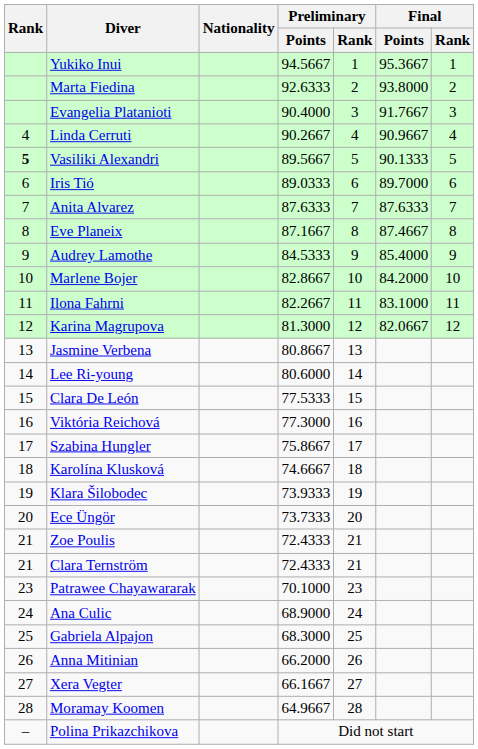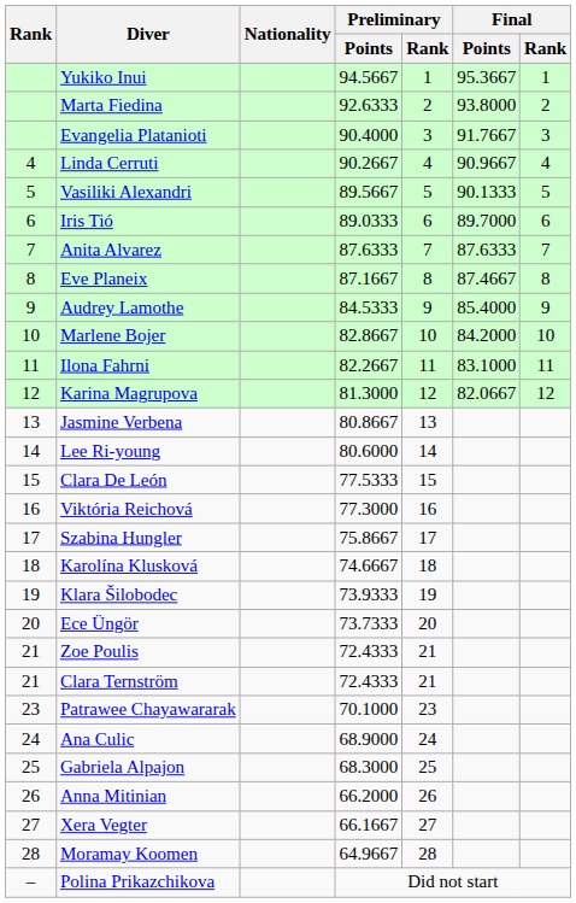 <table class="wikitable sortable" style="text-align:center">
 <tr>
 <th rowspan=2>Rank</th>
 <th rowspan=2>Diver</th>
 <th rowspan=2>Nationality</th>
 <th colspan=2>Preliminary</th>
 <th colspan=2>Final</th>
 </tr>
 <tr>
 <th>Points</th>
 <th>Rank</th>
 <th>Points</th>
 <th>Rank</th>
 </tr>
 <tr bgcolor=ccffcc>
 <td></td>
 <td align=left><a href='#'>Yukiko Inui</a></td>
 <td align=left></td>
 <td>94.5667</td>
 <td>1</td>
 <td>95.3667</td>
 <td>1</td>
 </tr>
 <tr bgcolor=ccffcc>
 <td></td>
 <td align=left><a href='#'>Marta Fiedina</a></td>
 <td align=left></td>
 <td>92.6333</td>
 <td>2</td>
 <td>93.8000</td>
 <td>2</td>
 </tr>
 <tr bgcolor=ccffcc>
 <td></td>
 <td align=left><a href='#'>Evangelia Platanioti</a></td>
 <td align=left></td>
 <td>90.4000</td>
 <td>3</td>
 <td>91.7667</td>
 <td>3</td>
 </tr>
 <tr bgcolor=ccffcc>
 <td>4</td>
 <td align=left><a href='#'>Linda Cerruti</a></td>
 <td align=left></td>
 <td>90.2667</td>
 <td>4</td>
 <td>90.9667</td>
 <td>4</td>
 </tr>
 <tr bgcolor=ccffcc>
-<td><strong>5</strong></td>
+<td>5</td>
 <td align=left><a href='#'>Vasiliki Alexandri</a></td>
 <td align=left></td>
 <td>89.5667</td>
 <td>5</td>
 <td>90.1333</td>
 <td>5</td>
 </tr>
 <tr bgcolor=ccffcc>
 <td>6</td>
 <td align=left><a href='#'>Iris Tió</a></td>
 <td align=left></td>
 <td>89.0333</td>
 <td>6</td>
 <td>89.7000</td>
 <td>6</td>
 </tr>
 <tr bgcolor=ccffcc>
 <td>7</td>
 <td align=left><a href='#'>Anita Alvarez</a></td>
 <td align=left></td>
 <td>87.6333</td>
 <td>7</td>
 <td>87.6333</td>
 <td>7</td>
 </tr>
 <tr bgcolor=ccffcc>
 <td>8</td>
 <td align=left><a href='#'>Eve Planeix</a></td>
 <td align=left></td>
 <td>87.1667</td>
 <td>8</td>
 <td>87.4667</td>
 <td>8</td>
 </tr>
 <tr bgcolor=ccffcc>
 <td>9</td>
 <td align=left><a href='#'>Audrey Lamothe</a></td>
 <td align=left></td>
 <td>84.5333</td>
 <td>9</td>
 <td>85.4000</td>
 <td>9</td>
 </tr>
 <tr bgcolor=ccffcc>
 <td>10</td>
 <td align=left><a href='#'>Marlene Bojer</a></td>
 <td align=left></td>
 <td>82.8667</td>
 <td>10</td>
 <td>84.2000</td>
 <td>10</td>
 </tr>
 <tr bgcolor=ccffcc>
 <td>11</td>
 <td align=left><a href='#'>Ilona Fahrni</a></td>
 <td align=left></td>
 <td>82.2667</td>
 <td>11</td>
 <td>83.1000</td>
 <td>11</td>
 </tr>
 <tr bgcolor=ccffcc>
 <td>12</td>
 <td align=left><a href='#'>Karina Magrupova</a></td>
 <td align=left></td>
 <td>81.3000</td>
 <td>12</td>
 <td>82.0667</td>
 <td>12</td>
 </tr>
 <tr>
 <td>13</td>
 <td align=left><a href='#'>Jasmine Verbena</a></td>
 <td align=left></td>
 <td>80.8667</td>
 <td>13</td>
 <td></td>
 <td></td>
 </tr>
 <tr>
 <td>14</td>
 <td align=left><a href='#'>Lee Ri-young</a></td>
 <td align=left></td>
 <td>80.6000</td>
 <td>14</td>
 <td></td>
 <td></td>
 </tr>
 <tr>
 <td>15</td>
 <td align=left><a href='#'>Clara De León</a></td>
 <td align=left></td>
 <td>77.5333</td>
 <td>15</td>
 <td></td>
 <td></td>
 </tr>
 <tr>
 <td>16</td>
 <td align=left><a href='#'>Viktória Reichová</a></td>
 <td align=left></td>
 <td>77.3000</td>
 <td>16</td>
 <td></td>
 <td></td>
 </tr>
 <tr>
 <td>17</td>
 <td align=left><a href='#'>Szabina Hungler</a></td>
 <td align=left></td>
 <td>75.8667</td>
 <td>17</td>
 <td></td>
 <td></td>
 </tr>
 <tr>
 <td>18</td>
 <td align=left><a href='#'>Karolína Klusková</a></td>
 <td align=left></td>
 <td>74.6667</td>
 <td>18</td>
 <td></td>
 <td></td>
 </tr>
 <tr>
 <td>19</td>
 <td align=left><a href='#'>Klara Šilobodec</a></td>
 <td align=left></td>
 <td>73.9333</td>
 <td>19</td>
 <td></td>
 <td></td>
 </tr>
 <tr>
 <td>20</td>
 <td align=left><a href='#'>Ece Üngör</a></td>
 <td align=left></td>
 <td>73.7333</td>
 <td>20</td>
 <td></td>
 <td></td>
 </tr>
 <tr>
 <td>21</td>
 <td align=left><a href='#'>Zoe Poulis</a></td>
 <td align=left></td>
 <td>72.4333</td>
 <td>21</td>
 <td></td>
 <td></td>
 </tr>
 <tr>
 <td>21</td>
 <td align=left><a href='#'>Clara Ternström</a></td>
 <td align=left></td>
 <td>72.4333</td>
 <td>21</td>
 <td></td>
 <td></td>
 </tr>
 <tr>
 <td>23</td>
 <td align=left><a href='#'>Patrawee Chayawararak</a></td>
 <td align=left></td>
 <td>70.1000</td>
 <td>23</td>
 <td></td>
 <td></td>
 </tr>
 <tr>
 <td>24</td>
 <td align=left><a href='#'>Ana Culic</a></td>
 <td align=left></td>
 <td>68.9000</td>
 <td>24</td>
 <td></td>
 <td></td>
 </tr>
 <tr>
 <td>25</td>
 <td align=left><a href='#'>Gabriela Alpajon</a></td>
 <td align=left></td>
 <td>68.3000</td>
 <td>25</td>
 <td></td>
 <td></td>
 </tr>
 <tr>
 <td>26</td>
 <td align=left><a href='#'>Anna Mitinian</a></td>
 <td align=left></td>
 <td>66.2000</td>
 <td>26</td>
 <td></td>
 <td></td>
 </tr>
 <tr>
 <td>27</td>
 <td align=left><a href='#'>Xera Vegter</a></td>
 <td align=left></td>
 <td>66.1667</td>
 <td>27</td>
 <td></td>
 <td></td>
 </tr>
 <tr>
 <td>28</td>
 <td align=left><a href='#'>Moramay Koomen</a></td>
 <td align=left></td>
 <td>64.9667</td>
 <td>28</td>
 <td></td>
 <td></td>
 </tr>
 <tr>
 <td>–</td>
 <td align=left><a href='#'>Polina Prikazchikova</a></td>
 <td align=left></td>
 <td colspan=4>Did not start</td>
 </tr>
 </table>
